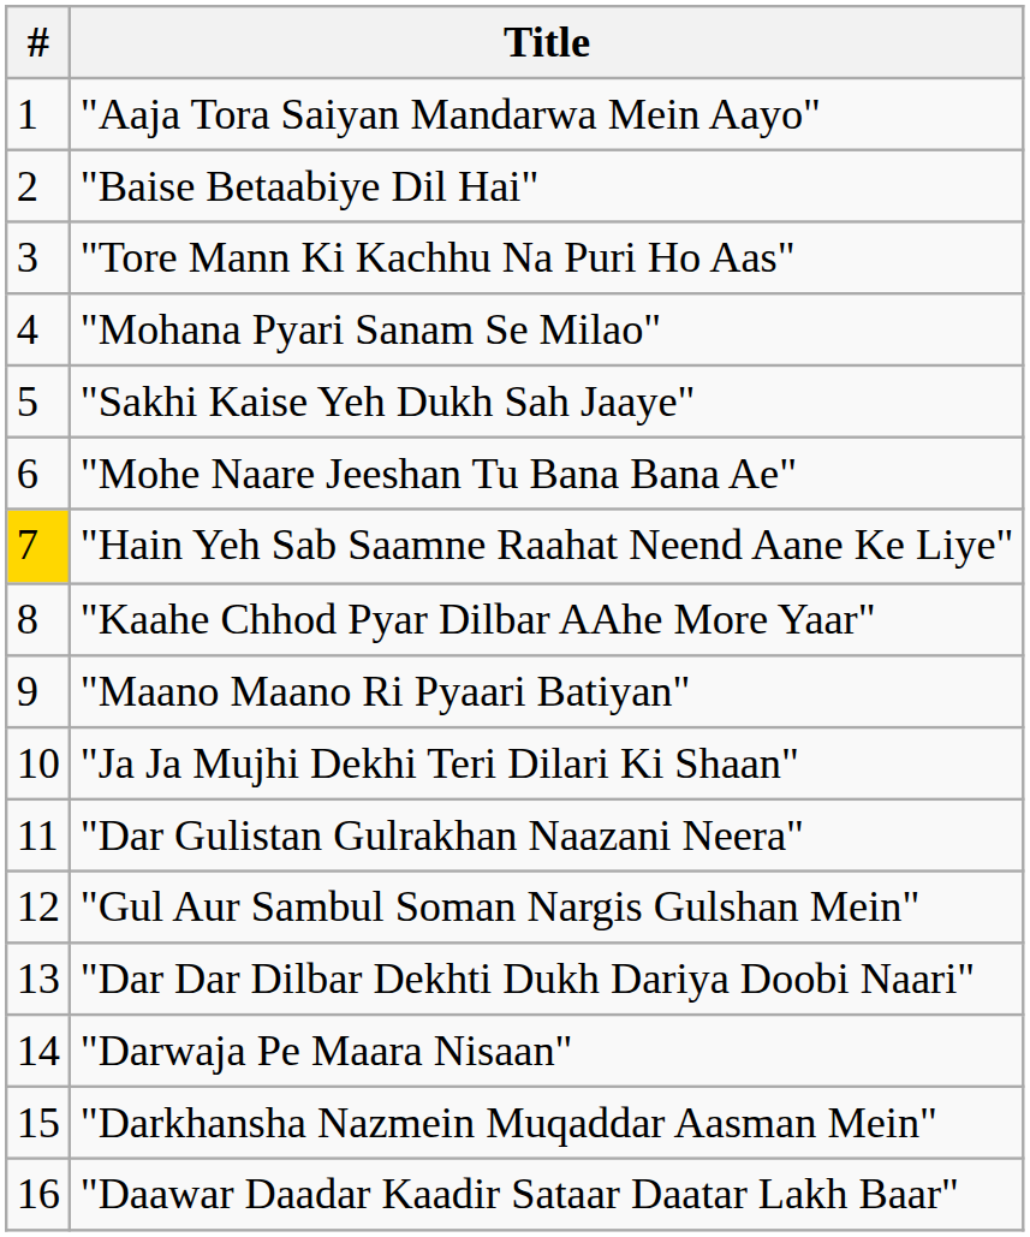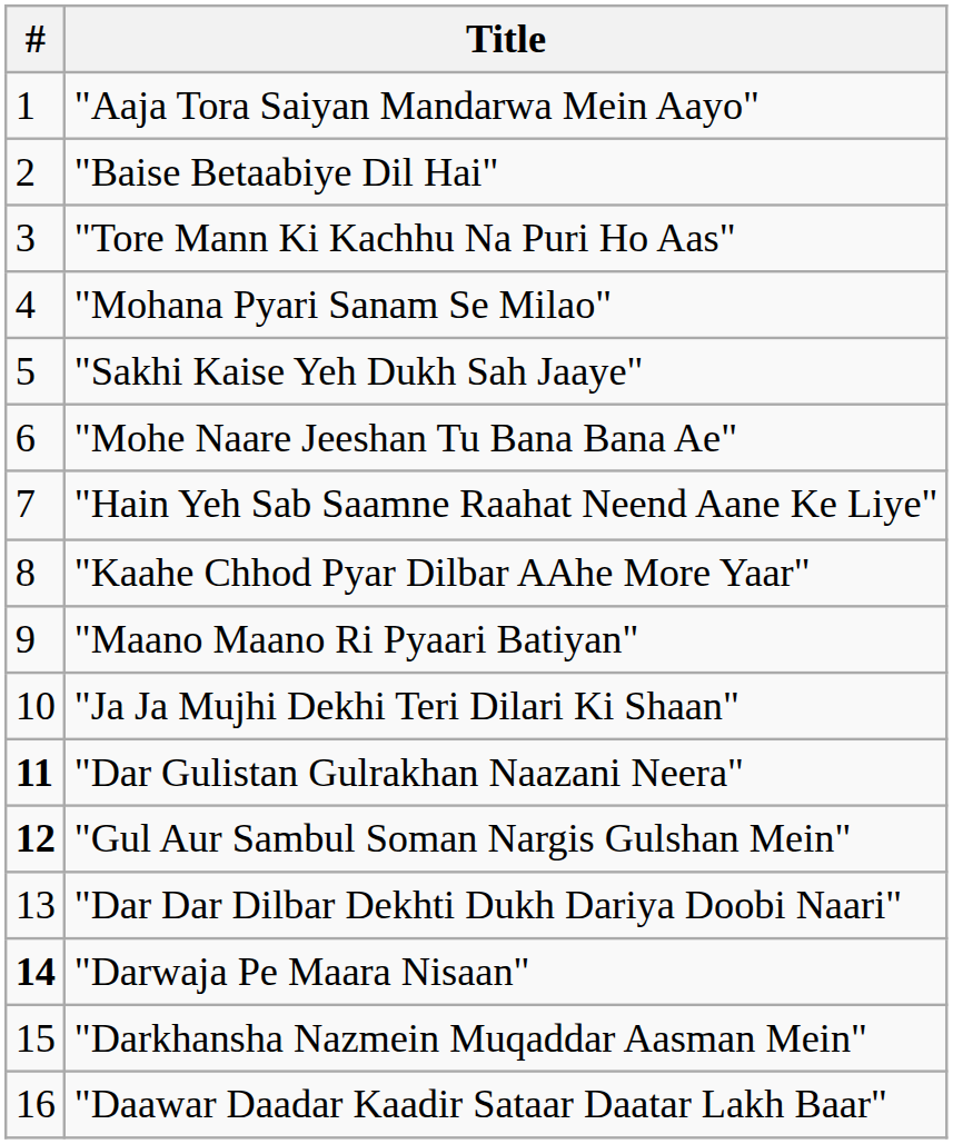 <table class="wikitable" style="font-size:95%;">
 <tr>
 <th>#</th>
 <th>Title</th>
 </tr>
 <tr>
 <td>1</td>
 <td>"Aaja Tora Saiyan Mandarwa Mein Aayo"</td>
 </tr>
 <tr>
 <td>2</td>
 <td>"Baise Betaabiye Dil Hai"</td>
 </tr>
 <tr>
 <td>3</td>
 <td>"Tore Mann Ki Kachhu Na Puri Ho Aas"</td>
 </tr>
 <tr>
 <td>4</td>
 <td>"Mohana Pyari Sanam Se Milao"</td>
 </tr>
 <tr>
 <td>5</td>
 <td>"Sakhi Kaise Yeh Dukh Sah Jaaye"</td>
 </tr>
 <tr>
 <td>6</td>
 <td>"Mohe Naare Jeeshan Tu Bana Bana Ae"</td>
 </tr>
 <tr>
-<td style="background: gold;">7</td>
+<td>7</td>
 <td>"Hain Yeh Sab Saamne Raahat Neend Aane Ke Liye"</td>
 </tr>
 <tr>
 <td>8</td>
 <td>"Kaahe Chhod Pyar Dilbar AAhe More Yaar"</td>
 </tr>
 <tr>
 <td>9</td>
 <td>"Maano Maano Ri Pyaari Batiyan"</td>
 </tr>
 <tr>
 <td>10</td>
 <td>"Ja Ja Mujhi Dekhi Teri Dilari Ki Shaan"</td>
 </tr>
 <tr>
-<td>11</td>
+<td><strong>11</strong></td>
 <td>"Dar Gulistan Gulrakhan Naazani Neera"</td>
 </tr>
 <tr>
-<td>12</td>
+<td><strong>12</strong></td>
 <td>"Gul Aur Sambul Soman Nargis Gulshan Mein"</td>
 </tr>
 <tr>
 <td>13</td>
 <td>"Dar Dar Dilbar Dekhti Dukh Dariya Doobi Naari"</td>
 </tr>
 <tr>
-<td>14</td>
+<td><strong>14</strong></td>
 <td>"Darwaja Pe Maara Nisaan"</td>
 </tr>
 <tr>
 <td>15</td>
 <td>"Darkhansha Nazmein Muqaddar Aasman Mein"</td>
 </tr>
 <tr>
 <td>16</td>
 <td>"Daawar Daadar Kaadir Sataar Daatar Lakh Baar"</td>
 </tr>
 </table>
